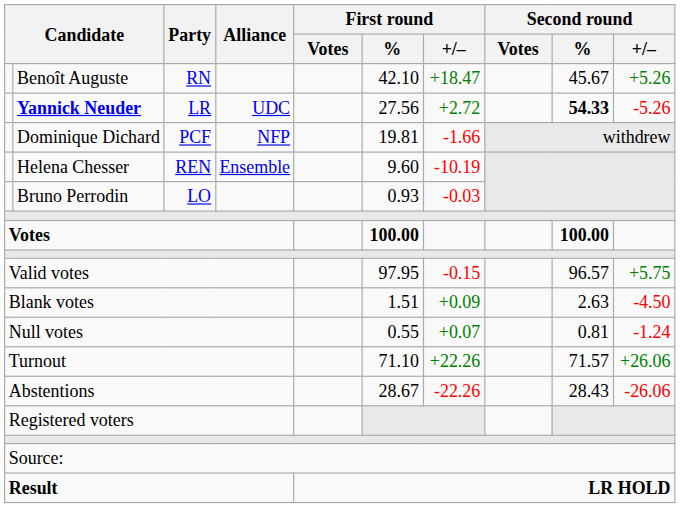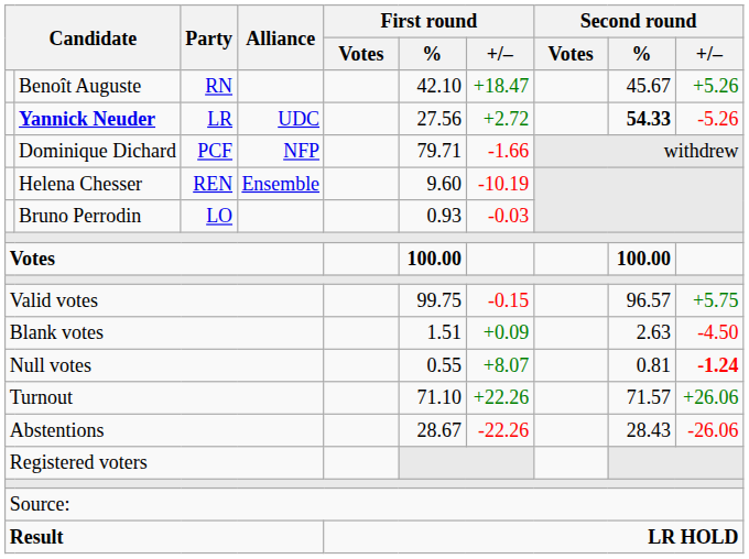 <table class="wikitable" style="text-align:right;font-size:95%;">
 <tr>
 <th rowspan="2" colspan="2">Candidate</th>
 <th colspan="1" rowspan="2">Party</th>
 <th colspan="1" rowspan="2">Alliance</th>
 <th colspan="3">First round</th>
 <th colspan="3">Second round</th>
 </tr>
 <tr>
 <th style="width:50px;">Votes</th>
 <th style="width:45px;">%</th>
 <th style="width:45px;">+/–</th>
 <th style="width:50px;">Votes</th>
 <th style="width:45px;">%</th>
 <th style="width:45px;">+/–</th>
 </tr>
 <tr>
 <td style="color:inherit;background:"></td>
 <td style="text-align:left;">Benoît Auguste</td>
 <td><a href='#'>RN</a></td>
 <td></td>
 <td></td>
 <td>42.10</td>
 <td style="color:green;">+18.47</td>
 <td></td>
 <td>45.67</td>
 <td style="color:green;">+5.26</td>
 </tr>
 <tr>
 <td style="color:inherit;background:"></td>
 <td style="text-align:left;"><strong><a href='#'>Yannick Neuder</a></strong></td>
 <td><a href='#'>LR</a></td>
 <td><a href='#'>UDC</a></td>
 <td></td>
 <td>27.56</td>
 <td style="color:green;">+2.72</td>
 <td><strong></strong></td>
 <td><strong>54.33</strong></td>
 <td style="color:red;">-5.26</td>
 </tr>
 <tr>
 <td style="color:inherit;background:"></td>
 <td style="text-align:left;">Dominique Dichard</td>
 <td><a href='#'>PCF</a></td>
 <td><a href='#'>NFP</a></td>
 <td></td>
-<td>19.81</td>
+<td>79.71</td>
 <td style="color:red;">-1.66</td>
 <td colspan="3" style="background:#E9E9E9;">withdrew</td>
 </tr>
 <tr>
 <td style="color:inherit;background:"></td>
 <td style="text-align:left;">Helena Chesser</td>
 <td><a href='#'>REN</a></td>
 <td><a href='#'>Ensemble</a></td>
 <td></td>
 <td>9.60</td>
 <td style="color:red;">-10.19</td>
 <td colspan="3" rowspan="2" style="background:#E9E9E9;"></td>
 </tr>
 <tr>
 <td style="color:inherit;background:"></td>
 <td style="text-align:left;">Bruno Perrodin</td>
 <td><a href='#'>LO</a></td>
 <td></td>
 <td></td>
 <td>0.93</td>
 <td style="color:red;">-0.03</td>
 </tr>
 <tr>
 <td colspan="10" style="background:#E9E9E9;"></td>
 </tr>
 <tr style="font-weight:bold;">
 <td colspan="4" style="text-align:left;">Votes</td>
 <td></td>
 <td>100.00</td>
 <td></td>
 <td></td>
 <td>100.00</td>
 <td></td>
 </tr>
 <tr>
 <td colspan="10" style="background:#E9E9E9;"></td>
 </tr>
 <tr>
 <td colspan="4" style="text-align:left;">Valid votes</td>
 <td></td>
-<td>97.95</td>
+<td>99.75</td>
 <td style="color:red;">-0.15</td>
 <td></td>
 <td>96.57</td>
 <td style="color:green;">+5.75</td>
 </tr>
 <tr>
 <td colspan="4" style="text-align:left;">Blank votes</td>
 <td></td>
 <td>1.51</td>
 <td style="color:green;">+0.09</td>
 <td></td>
 <td>2.63</td>
 <td style="color:red;">-4.50</td>
 </tr>
 <tr>
 <td colspan="4" style="text-align:left;">Null votes</td>
 <td></td>
 <td>0.55</td>
-<td style="color:green;">+0.07</td>
+<td style="color:green;">+8.07</td>
 <td></td>
 <td>0.81</td>
-<td style="color:red;">-1.24</td>
+<td style="color:red;"><strong>-1.24</strong></td>
 </tr>
 <tr>
 <td colspan="4" style="text-align:left;">Turnout</td>
 <td></td>
 <td>71.10</td>
 <td style="color:green;">+22.26</td>
 <td></td>
 <td>71.57</td>
 <td style="color:green;">+26.06</td>
 </tr>
 <tr>
 <td colspan="4" style="text-align:left;">Abstentions</td>
 <td></td>
 <td>28.67</td>
 <td style="color:red;">-22.26</td>
 <td></td>
 <td>28.43</td>
 <td style="color:red;">-26.06</td>
 </tr>
 <tr>
 <td colspan="4" style="text-align:left;">Registered voters</td>
 <td></td>
 <td colspan="2" style="background:#E9E9E9;"></td>
 <td></td>
 <td colspan="2" style="background:#E9E9E9;"></td>
 </tr>
 <tr>
 <td colspan="10" style="background:#E9E9E9;"></td>
 </tr>
 <tr>
 <td colspan="10" style="text-align:left;">Source: </td>
 </tr>
 <tr style="font-weight:bold">
 <td colspan="4" style="text-align:left;">Result</td>
 <td colspan="6" style="background-color:">LR HOLD</td>
 </tr>
 </table>
